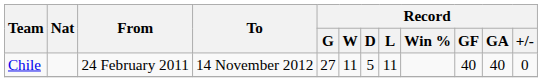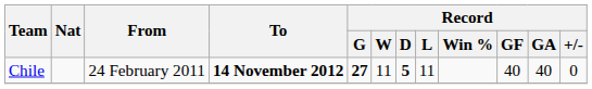 <table class="wikitable" style="text-align: center">
 <tr>
 <th rowspan=2>Team</th>
 <th rowspan=2>Nat</th>
 <th rowspan=2>From</th>
 <th rowspan=2>To</th>
 <th colspan=8>Record</th>
 </tr>
 <tr>
 <th>G</th>
 <th>W</th>
 <th>D</th>
 <th>L</th>
 <th>Win %</th>
 <th>GF</th>
 <th>GA</th>
 <th>+/-</th>
 </tr>
 <tr>
 <td align=left><a href='#'>Chile</a></td>
 <td></td>
 <td align=left>24 February 2011</td>
-<td align=left>14 November 2012</td>
-<td>27</td>
+<td align=left><strong>14 November 2012</strong></td>
+<td><strong>27</strong></td>
 <td>11</td>
-<td>5</td>
+<td><strong>5</strong></td>
 <td>11</td>
 <td></td>
 <td>40</td>
 <td>40</td>
 <td>0</td>
 </tr>
 <tr>
 </tr>
 </table>
